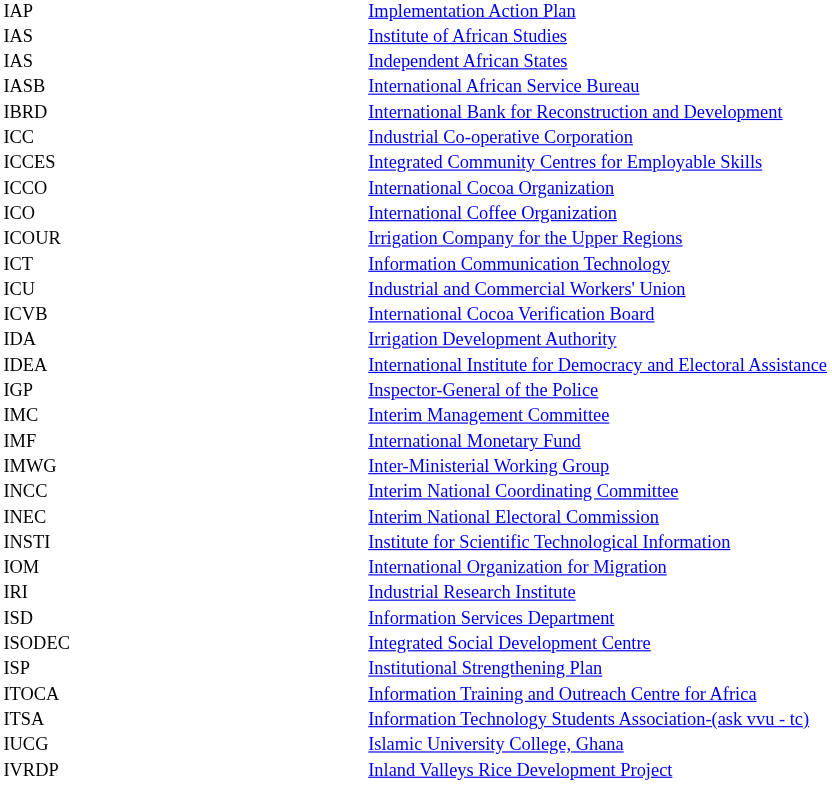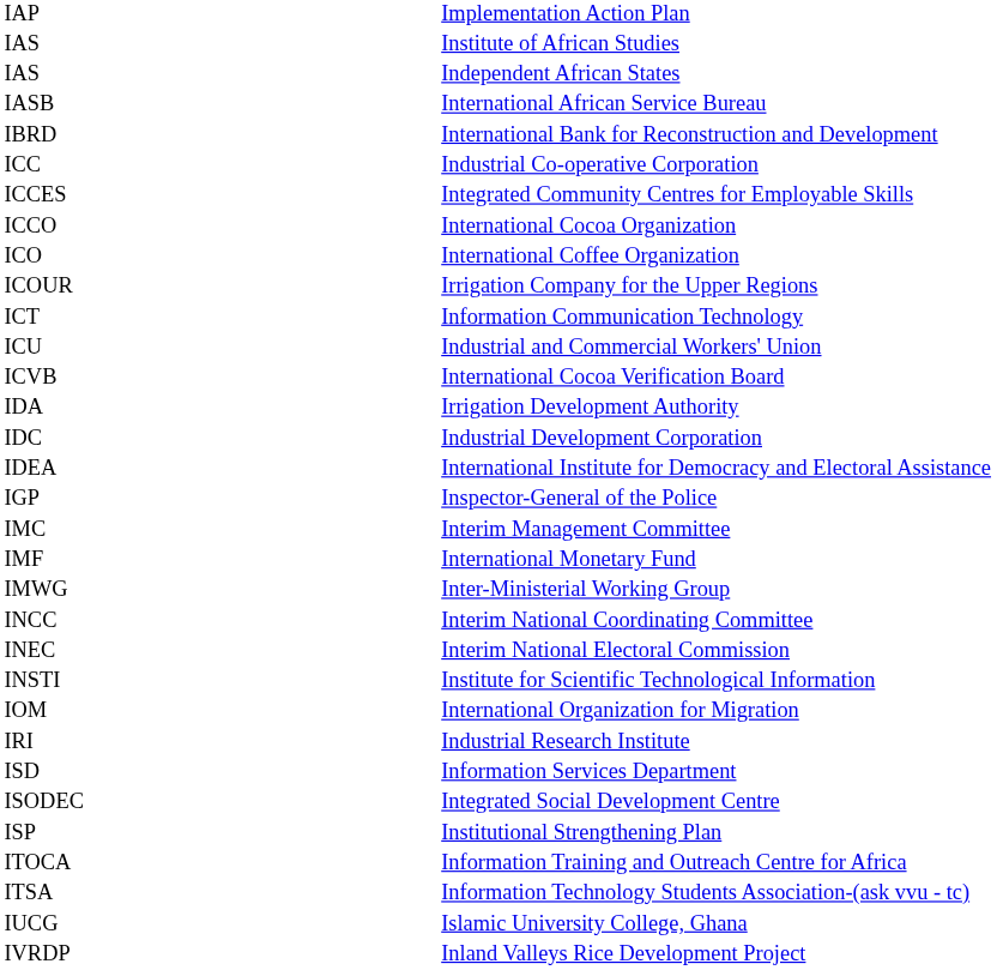 <table width="100%" style="text-verticalalign:top">
 <tr>
 <td width="20%">IAP</td>
 <td width="40%"><a href='#'>Implementation Action Plan</a></td>
 <td width="40%"></td>
 </tr>
 <tr>
 <td>IAS</td>
 <td><a href='#'>Institute of African Studies</a></td>
 <td></td>
 </tr>
 <tr>
 <td>IAS</td>
 <td><a href='#'>Independent African States</a></td>
 <td></td>
 </tr>
 <tr>
 <td>IASB</td>
 <td><a href='#'>International African Service Bureau</a></td>
 <td></td>
 </tr>
 <tr>
 <td>IBRD</td>
 <td><a href='#'>International Bank for Reconstruction and Development</a></td>
 <td></td>
 </tr>
 <tr>
 <td>ICC</td>
 <td><a href='#'>Industrial Co-operative Corporation</a></td>
 <td></td>
 </tr>
 <tr>
 <td>ICCES</td>
 <td><a href='#'>Integrated Community Centres for Employable Skills</a></td>
 <td></td>
 </tr>
 <tr>
 <td>ICCO</td>
 <td><a href='#'>International Cocoa Organization</a></td>
 <td></td>
 </tr>
 <tr>
 <td>ICO</td>
 <td><a href='#'>International Coffee Organization</a></td>
 <td></td>
 </tr>
 <tr>
 <td>ICOUR</td>
 <td><a href='#'>Irrigation Company for the Upper Regions</a></td>
 <td></td>
 </tr>
 <tr>
 <td>ICT</td>
 <td><a href='#'>Information Communication Technology</a></td>
 <td></td>
 </tr>
 <tr>
 <td>ICU</td>
 <td><a href='#'>Industrial and Commercial Workers' Union</a></td>
 <td></td>
 </tr>
 <tr>
 <td>ICVB</td>
 <td><a href='#'>International Cocoa Verification Board</a></td>
 <td></td>
 </tr>
 <tr>
 <td>IDA</td>
 <td><a href='#'>Irrigation Development Authority</a></td>
+<td></td>
+</tr>
+<tr>
+<td>IDC</td>
+<td><a href='#'>Industrial Development Corporation</a></td>
 <td></td>
 </tr>
 <tr>
 <td>IDEA</td>
 <td><a href='#'>International Institute for Democracy and Electoral Assistance</a></td>
 <td></td>
 </tr>
 <tr>
 <td>IGP</td>
 <td><a href='#'>Inspector-General of the Police</a></td>
 <td></td>
 </tr>
 <tr>
 <td>IMC</td>
 <td><a href='#'>Interim Management Committee</a></td>
 <td></td>
 </tr>
 <tr>
 <td>IMF</td>
 <td><a href='#'>International Monetary Fund</a></td>
 <td></td>
 </tr>
 <tr>
 <td>IMWG</td>
 <td><a href='#'>Inter-Ministerial Working Group</a></td>
 <td></td>
 </tr>
 <tr>
 <td>INCC</td>
 <td><a href='#'>Interim National Coordinating Committee</a></td>
 <td></td>
 </tr>
 <tr>
 <td>INEC</td>
 <td><a href='#'>Interim National Electoral Commission</a></td>
 <td></td>
 </tr>
 <tr>
 <td>INSTI</td>
 <td><a href='#'>Institute for Scientific Technological Information</a></td>
 <td></td>
 </tr>
 <tr>
 <td>IOM</td>
 <td><a href='#'>International Organization for Migration</a></td>
 <td></td>
 </tr>
 <tr>
 <td>IRI</td>
 <td><a href='#'>Industrial Research Institute</a></td>
 <td></td>
 </tr>
 <tr>
 <td>ISD</td>
 <td><a href='#'>Information Services Department</a></td>
 <td></td>
 </tr>
 <tr>
 <td>ISODEC</td>
 <td><a href='#'>Integrated Social Development Centre</a></td>
 <td></td>
 </tr>
 <tr>
 <td>ISP</td>
 <td><a href='#'>Institutional Strengthening Plan</a></td>
 <td></td>
 </tr>
 <tr>
 <td>ITOCA</td>
 <td><a href='#'>Information Training and Outreach Centre for Africa</a></td>
 </tr>
 <tr>
 <td>ITSA</td>
 <td><a href='#'>Information Technology Students Association-(ask vvu - tc)</a></td>
 </tr>
 <tr>
 <td>IUCG</td>
 <td><a href='#'>Islamic University College, Ghana</a></td>
 <td></td>
 </tr>
 <tr>
 <td>IVRDP</td>
 <td><a href='#'>Inland Valleys Rice Development Project</a></td>
 <td></td>
 </tr>
 </table>
